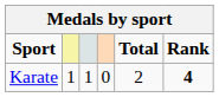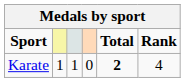 <table class="wikitable" style="font-size:100%;">
 <tr align=center style="background:#efefef;">
 <th colspan=7><strong>Medals by sport</strong></th>
 </tr>
 <tr align=center align=center>
 <td><strong>Sport</strong></td>
 <td style="background:#f7f6a8;"></td>
 <td style="background:#dce5e5;"></td>
 <td style="background:#ffdab9;"></td>
 <td><strong>Total</strong></td>
 <td><strong>Rank</strong></td>
 </tr>
 <tr align=center align=center>
 <td align=left><a href='#'>Karate</a></td>
 <td>1</td>
 <td>1</td>
 <td>0</td>
-<td>2</td>
-<td><strong>4</strong></td>
+<td><strong>2</strong></td>
+<td>4</td>
 </tr>
 </table>
